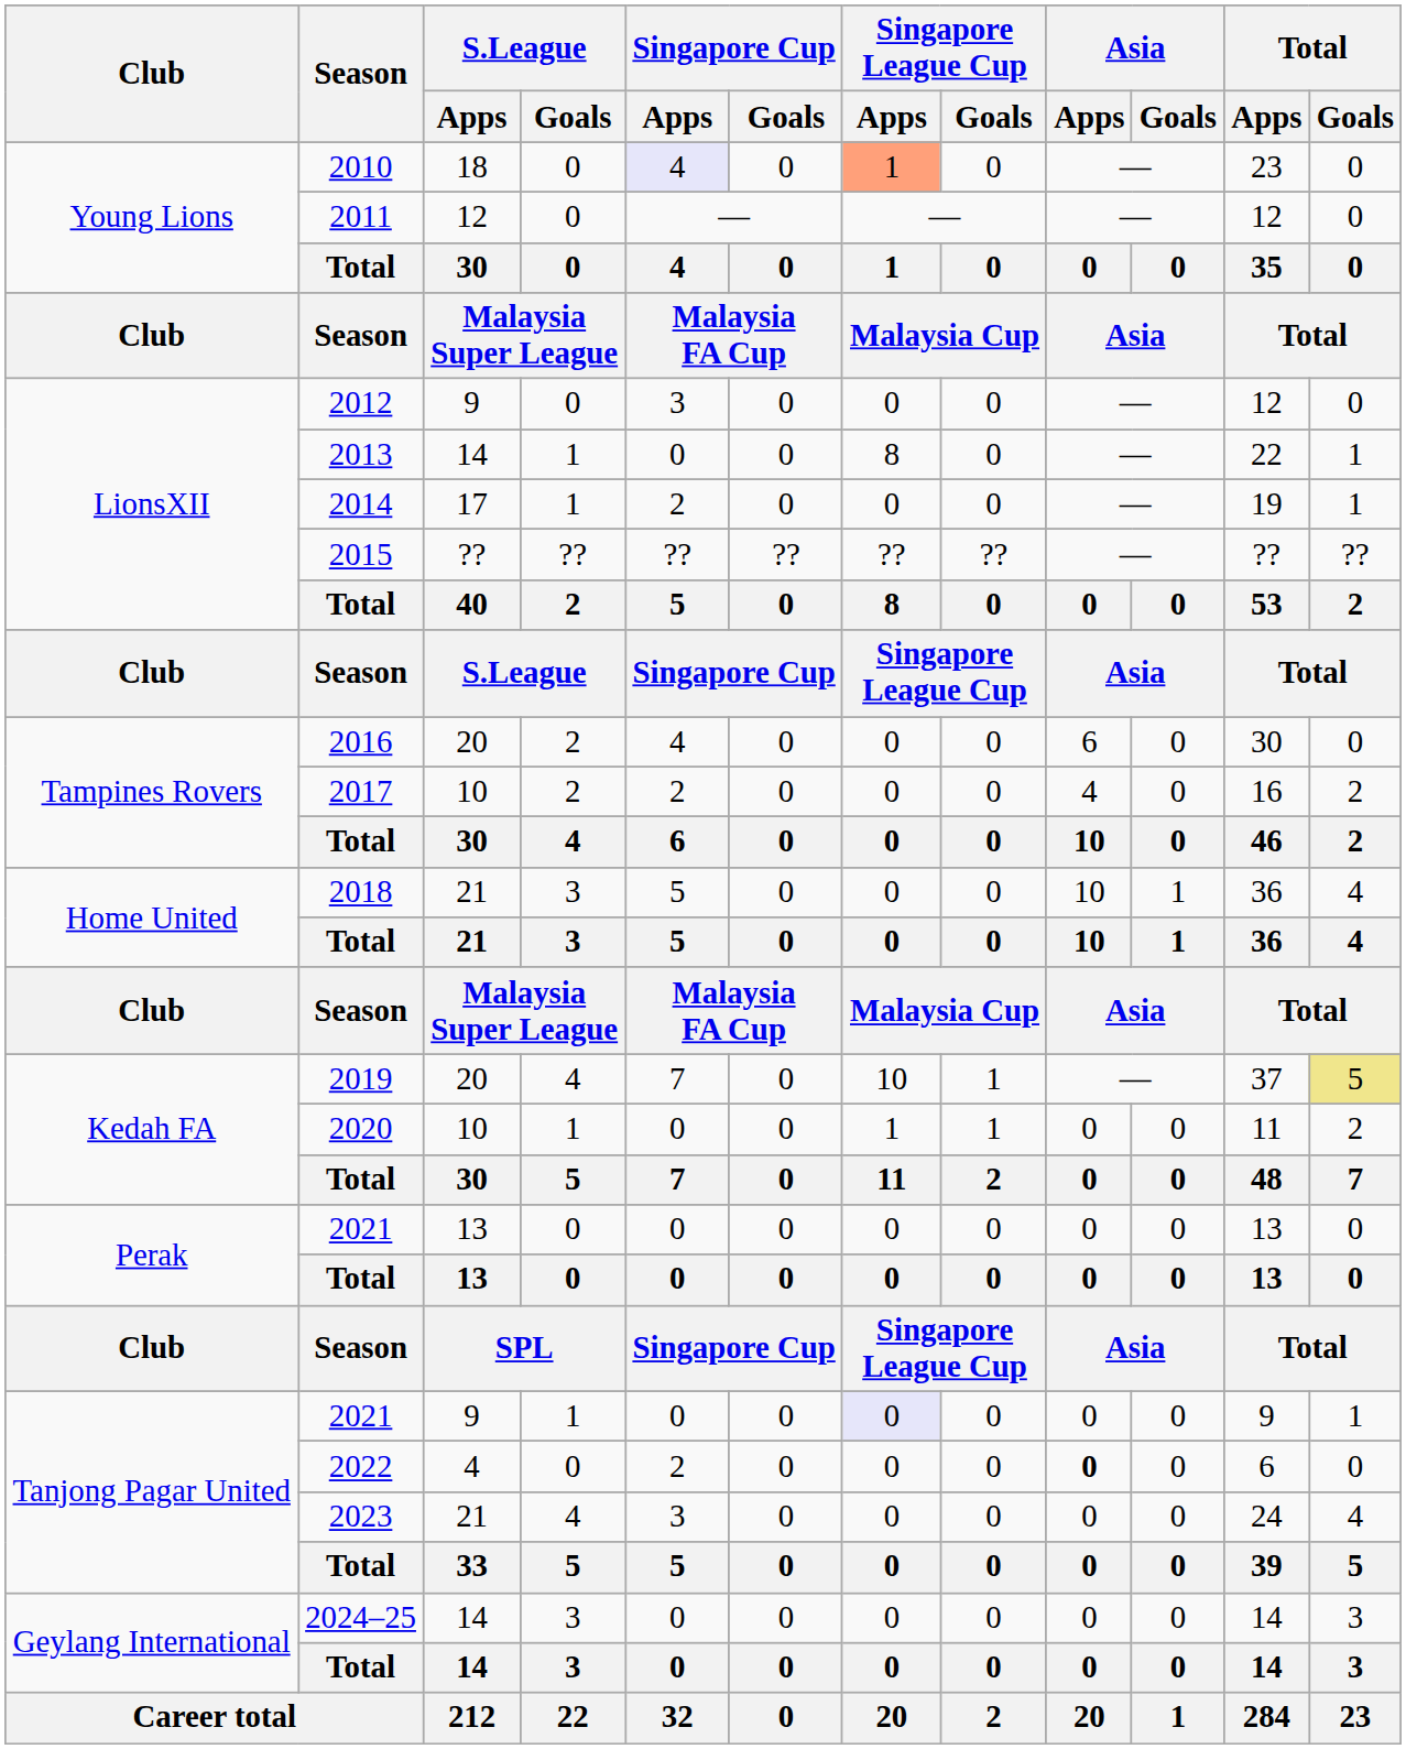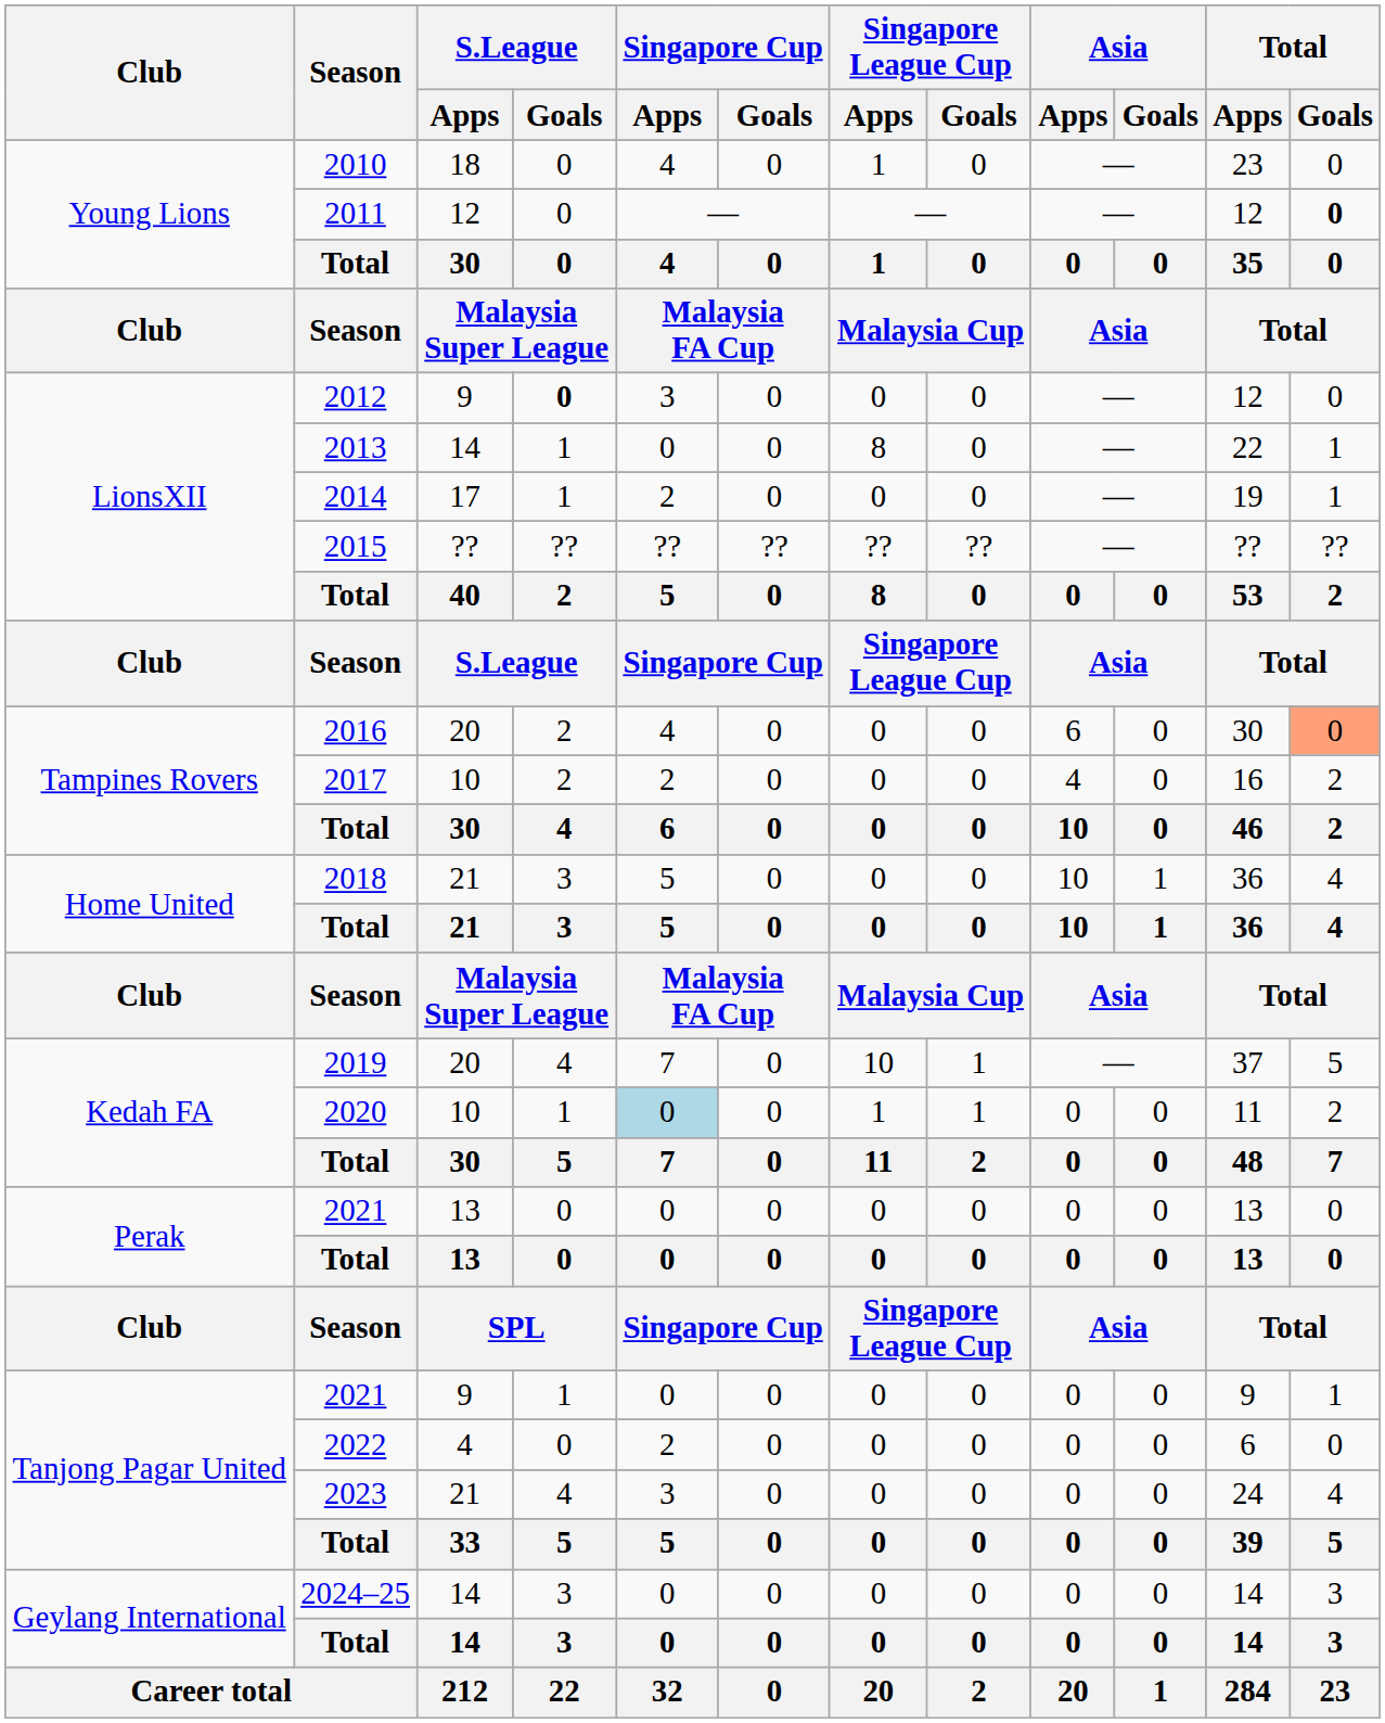 <table class="wikitable" style="text-align:center">
 <tr>
 <th rowspan="2">Club</th>
 <th rowspan="2">Season</th>
 <th colspan="2"><a href='#'>S.League</a></th>
 <th colspan="2"><a href='#'>Singapore Cup</a></th>
 <th colspan="2"><a href='#'>Singapore<br>League Cup</a></th>
 <th colspan="2"><a href='#'>Asia</a></th>
 <th colspan="2">Total</th>
 </tr>
 <tr>
 <th>Apps</th>
 <th>Goals</th>
 <th>Apps</th>
 <th>Goals</th>
 <th>Apps</th>
 <th>Goals</th>
 <th>Apps</th>
 <th>Goals</th>
 <th>Apps</th>
 <th>Goals</th>
 </tr>
 <tr>
 <td rowspan="3"><a href='#'>Young Lions</a></td>
 <td><a href='#'>2010</a></td>
 <td>18</td>
 <td>0</td>
-<td style="background: lavender;">4</td>
+<td>4</td>
 <td>0</td>
-<td style="background: lightsalmon;">1</td>
+<td>1</td>
 <td>0</td>
 <td colspan='2'>—</td>
 <td>23</td>
 <td>0</td>
 </tr>
 <tr>
 <td><a href='#'>2011</a></td>
 <td>12</td>
 <td>0</td>
 <td colspan='2'>—</td>
 <td colspan='2'>—</td>
 <td colspan='2'>—</td>
 <td>12</td>
-<td>0</td>
+<td><strong>0</strong></td>
 </tr>
 <tr>
 <th>Total</th>
 <th>30</th>
 <th>0</th>
 <th>4</th>
 <th>0</th>
 <th>1</th>
 <th>0</th>
 <th>0</th>
 <th>0</th>
 <th>35</th>
 <th>0</th>
 </tr>
 <tr>
 <th>Club</th>
 <th>Season</th>
 <th colspan="2"><a href='#'>Malaysia<br>Super League</a></th>
 <th colspan="2"><a href='#'>Malaysia<br>FA Cup</a></th>
 <th colspan="2"><a href='#'>Malaysia Cup</a></th>
 <th colspan="2"><a href='#'>Asia</a></th>
 <th colspan="2">Total</th>
 </tr>
 <tr>
 <td rowspan="5"><a href='#'>LionsXII</a></td>
 <td><a href='#'>2012</a></td>
 <td>9</td>
-<td>0</td>
+<td><strong>0</strong></td>
 <td>3</td>
 <td>0</td>
 <td>0</td>
 <td>0</td>
 <td colspan='2'>—</td>
 <td>12</td>
 <td>0</td>
 </tr>
 <tr>
 <td><a href='#'>2013</a></td>
 <td>14</td>
 <td>1</td>
 <td>0</td>
 <td>0</td>
 <td>8</td>
 <td>0</td>
 <td colspan='2'>—</td>
 <td>22</td>
 <td>1</td>
 </tr>
 <tr>
 <td><a href='#'>2014</a></td>
 <td>17</td>
 <td>1</td>
 <td>2</td>
 <td>0</td>
 <td>0</td>
 <td>0</td>
 <td colspan='2'>—</td>
 <td>19</td>
 <td>1</td>
 </tr>
 <tr>
 <td><a href='#'>2015</a></td>
 <td>??</td>
 <td>??</td>
 <td>??</td>
 <td>??</td>
 <td>??</td>
 <td>??</td>
 <td colspan='2'>—</td>
 <td>??</td>
 <td>??</td>
 </tr>
 <tr>
 <th>Total</th>
 <th>40</th>
 <th>2</th>
 <th>5</th>
 <th>0</th>
 <th>8</th>
 <th>0</th>
 <th>0</th>
 <th>0</th>
 <th>53</th>
 <th>2</th>
 </tr>
 <tr>
 <th>Club</th>
 <th>Season</th>
 <th colspan="2"><a href='#'>S.League</a></th>
 <th colspan="2"><a href='#'>Singapore Cup</a></th>
 <th colspan="2"><a href='#'>Singapore<br>League Cup</a></th>
 <th colspan="2"><a href='#'>Asia</a></th>
 <th colspan="2">Total</th>
 </tr>
 <tr>
 <td rowspan="3"><a href='#'>Tampines Rovers</a></td>
 <td><a href='#'>2016</a></td>
 <td>20</td>
 <td>2</td>
 <td>4</td>
 <td>0</td>
 <td>0</td>
 <td>0</td>
 <td>6</td>
 <td>0</td>
 <td>30</td>
-<td>0</td>
+<td style="background: lightsalmon;">0</td>
 </tr>
 <tr>
 <td><a href='#'>2017</a></td>
 <td>10</td>
 <td>2</td>
 <td>2</td>
 <td>0</td>
 <td>0</td>
 <td>0</td>
 <td>4</td>
 <td>0</td>
 <td>16</td>
 <td>2</td>
 </tr>
 <tr>
 <th>Total</th>
 <th>30</th>
 <th>4</th>
 <th>6</th>
 <th>0</th>
 <th>0</th>
 <th>0</th>
 <th>10</th>
 <th>0</th>
 <th>46</th>
 <th>2</th>
 </tr>
 <tr>
 <td rowspan="2"><a href='#'>Home United</a></td>
 <td><a href='#'>2018</a></td>
 <td>21</td>
 <td>3</td>
 <td>5</td>
 <td>0</td>
 <td>0</td>
 <td>0</td>
 <td>10</td>
 <td>1</td>
 <td>36</td>
 <td>4</td>
 </tr>
 <tr>
 <th>Total</th>
 <th>21</th>
 <th>3</th>
 <th>5</th>
 <th>0</th>
 <th>0</th>
 <th>0</th>
 <th>10</th>
 <th>1</th>
 <th>36</th>
 <th>4</th>
 </tr>
 <tr>
 <th>Club</th>
 <th>Season</th>
 <th colspan="2"><a href='#'>Malaysia<br>Super League</a></th>
 <th colspan="2"><a href='#'>Malaysia<br>FA Cup</a></th>
 <th colspan="2"><a href='#'>Malaysia Cup</a></th>
 <th colspan="2"><a href='#'>Asia</a></th>
 <th colspan="2">Total</th>
 </tr>
 <tr>
 <td rowspan="3"><a href='#'>Kedah FA</a></td>
 <td><a href='#'>2019</a></td>
 <td>20</td>
 <td>4</td>
 <td>7</td>
 <td>0</td>
 <td>10</td>
 <td>1</td>
 <td colspan='2'>—</td>
 <td>37</td>
-<td style="background: khaki;">5</td>
+<td>5</td>
 </tr>
 <tr>
 <td><a href='#'>2020</a></td>
 <td>10</td>
 <td>1</td>
-<td>0</td>
+<td style="background: lightblue;">0</td>
 <td>0</td>
 <td>1</td>
 <td>1</td>
 <td>0</td>
 <td>0</td>
 <td>11</td>
 <td>2</td>
 </tr>
 <tr>
 <th>Total</th>
 <th>30</th>
 <th>5</th>
 <th>7</th>
 <th>0</th>
 <th>11</th>
 <th>2</th>
 <th>0</th>
 <th>0</th>
 <th>48</th>
 <th>7</th>
 </tr>
 <tr>
 <td rowspan="2"><a href='#'>Perak</a></td>
 <td><a href='#'>2021</a></td>
 <td>13</td>
 <td>0</td>
 <td>0</td>
 <td>0</td>
 <td>0</td>
 <td>0</td>
 <td>0</td>
 <td>0</td>
 <td>13</td>
 <td>0</td>
 </tr>
 <tr>
 <th>Total</th>
 <th>13</th>
 <th>0</th>
 <th>0</th>
 <th>0</th>
 <th>0</th>
 <th>0</th>
 <th>0</th>
 <th>0</th>
 <th>13</th>
 <th>0</th>
 </tr>
 <tr>
 <th>Club</th>
 <th>Season</th>
 <th colspan="2"><a href='#'>SPL</a></th>
 <th colspan="2"><a href='#'>Singapore Cup</a></th>
 <th colspan="2"><a href='#'>Singapore<br>League Cup</a></th>
 <th colspan="2"><a href='#'>Asia</a></th>
 <th colspan="2">Total</th>
 </tr>
 <tr>
 <td rowspan="4"><a href='#'>Tanjong Pagar United</a></td>
 <td><a href='#'>2021</a></td>
 <td>9</td>
 <td>1</td>
 <td>0</td>
 <td>0</td>
-<td style="background: lavender;">0</td>
+<td>0</td>
 <td>0</td>
 <td>0</td>
 <td>0</td>
 <td>9</td>
 <td>1</td>
 </tr>
 <tr>
 <td><a href='#'>2022</a></td>
 <td>4</td>
 <td>0</td>
 <td>2</td>
 <td>0</td>
 <td>0</td>
 <td>0</td>
-<td><strong>0</strong></td>
+<td>0</td>
 <td>0</td>
 <td>6</td>
 <td>0</td>
 </tr>
 <tr>
 <td><a href='#'>2023</a></td>
 <td>21</td>
 <td>4</td>
 <td>3</td>
 <td>0</td>
 <td>0</td>
 <td>0</td>
 <td>0</td>
 <td>0</td>
 <td>24</td>
 <td>4</td>
 </tr>
 <tr>
 <th>Total</th>
 <th>33</th>
 <th>5</th>
 <th>5</th>
 <th>0</th>
 <th>0</th>
 <th>0</th>
 <th>0</th>
 <th>0</th>
 <th>39</th>
 <th>5</th>
 </tr>
 <tr>
 <td rowspan="2"><a href='#'>Geylang International</a></td>
 <td><a href='#'>2024–25</a></td>
 <td>14</td>
 <td>3</td>
 <td>0</td>
 <td>0</td>
 <td>0</td>
 <td>0</td>
 <td>0</td>
 <td>0</td>
 <td>14</td>
 <td>3</td>
 </tr>
 <tr>
 <th>Total</th>
 <th>14</th>
 <th>3</th>
 <th>0</th>
 <th>0</th>
 <th>0</th>
 <th>0</th>
 <th>0</th>
 <th>0</th>
 <th>14</th>
 <th>3</th>
 </tr>
 <tr>
 <th colspan="2">Career total</th>
 <th>212</th>
 <th>22</th>
 <th>32</th>
 <th>0</th>
 <th>20</th>
 <th>2</th>
 <th>20</th>
 <th>1</th>
 <th>284</th>
 <th>23</th>
 </tr>
 <tr>
 </tr>
 </table>
